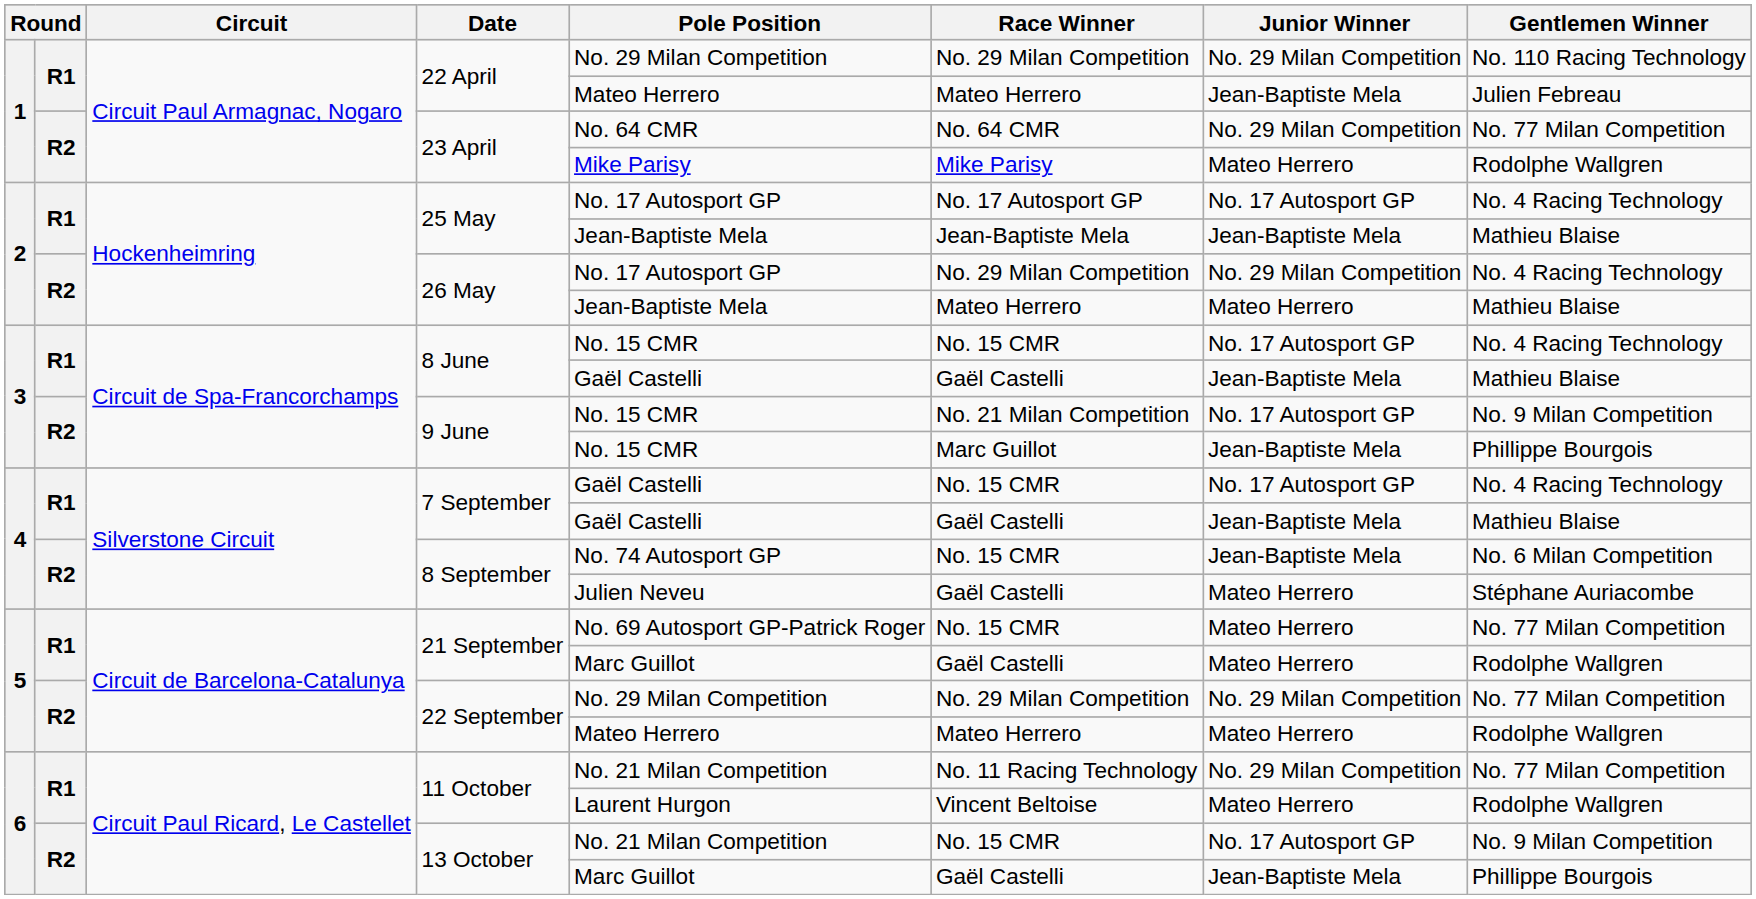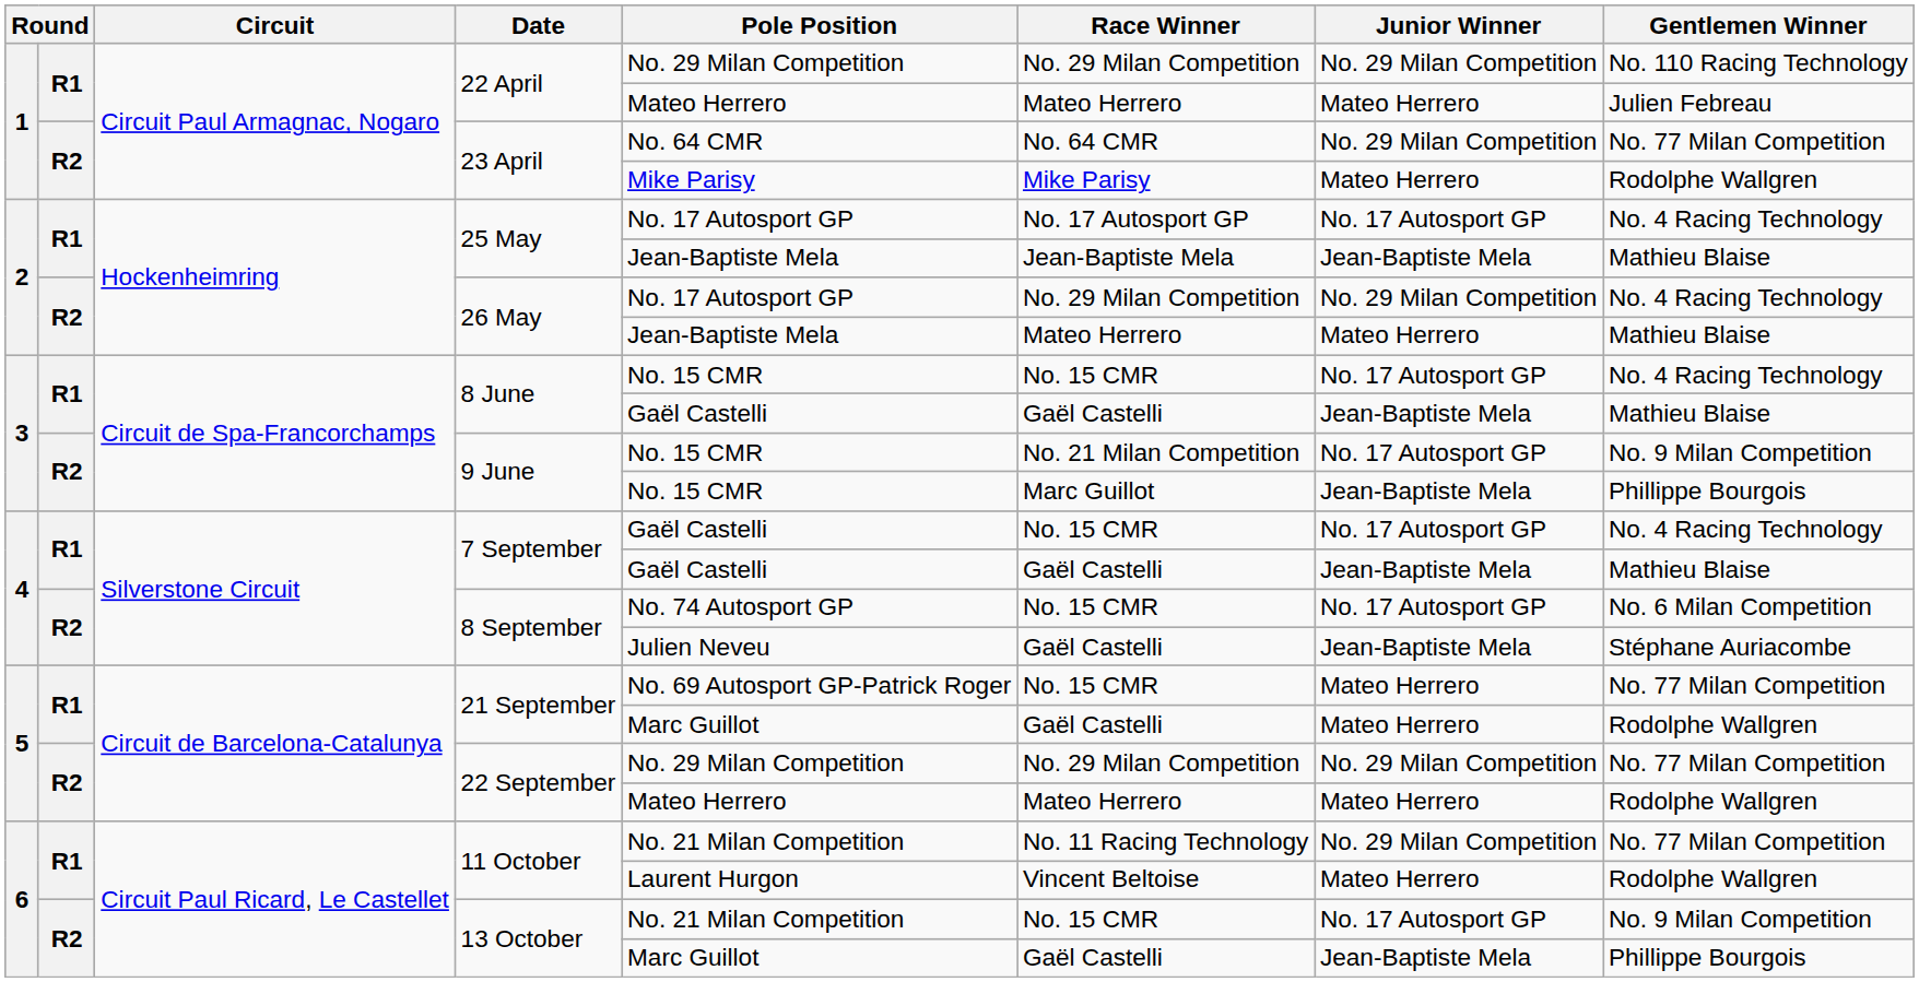 <table class="wikitable" style="font-size: 85%;">
 <tr>
 <th colspan="2">Round</th>
 <th>Circuit</th>
 <th>Date</th>
 <th>Pole Position</th>
 <th>Race Winner</th>
 <th>Junior Winner</th>
 <th>Gentlemen Winner</th>
 </tr>
 <tr>
 <th rowspan="4">1</th>
 <th rowspan="2">R1</th>
 <td rowspan="4"> <a href='#'>Circuit Paul Armagnac, Nogaro</a></td>
 <td rowspan="2">22 April</td>
 <td> No. 29 Milan Competition</td>
 <td> No. 29 Milan Competition</td>
 <td> No. 29 Milan Competition</td>
 <td> No. 110 Racing Technology</td>
 </tr>
 <tr>
 <td> Mateo Herrero</td>
 <td> Mateo Herrero</td>
-<td> Jean-Baptiste Mela</td>
+<td> Mateo Herrero</td>
 <td> Julien Febreau</td>
 </tr>
 <tr>
 <th rowspan="2">R2</th>
 <td rowspan="2">23 April</td>
 <td> No. 64 CMR</td>
 <td> No. 64 CMR</td>
 <td> No. 29 Milan Competition</td>
 <td> No. 77 Milan Competition</td>
 </tr>
 <tr>
 <td> <a href='#'>Mike Parisy</a></td>
 <td> <a href='#'>Mike Parisy</a></td>
 <td> Mateo Herrero</td>
 <td> Rodolphe Wallgren</td>
 </tr>
 <tr>
 <th rowspan="4">2</th>
 <th rowspan="2">R1</th>
 <td rowspan="4"> <a href='#'>Hockenheimring</a></td>
 <td rowspan="2">25 May</td>
 <td> No. 17 Autosport GP</td>
 <td> No. 17 Autosport GP</td>
 <td> No. 17 Autosport GP</td>
 <td> No. 4 Racing Technology</td>
 </tr>
 <tr>
 <td> Jean-Baptiste Mela</td>
 <td> Jean-Baptiste Mela</td>
 <td> Jean-Baptiste Mela</td>
 <td> Mathieu Blaise</td>
 </tr>
 <tr>
 <th rowspan="2">R2</th>
 <td rowspan="2">26 May</td>
 <td> No. 17 Autosport GP</td>
 <td> No. 29 Milan Competition</td>
 <td> No. 29 Milan Competition</td>
 <td> No. 4 Racing Technology</td>
 </tr>
 <tr>
 <td> Jean-Baptiste Mela</td>
 <td> Mateo Herrero</td>
 <td> Mateo Herrero</td>
 <td> Mathieu Blaise</td>
 </tr>
 <tr>
 <th rowspan="4">3</th>
 <th rowspan="2">R1</th>
 <td rowspan="4"> <a href='#'>Circuit de Spa-Francorchamps</a></td>
 <td rowspan="2">8 June</td>
 <td> No. 15 CMR</td>
 <td> No. 15 CMR</td>
 <td> No. 17 Autosport GP</td>
 <td> No. 4 Racing Technology</td>
 </tr>
 <tr>
 <td> Gaël Castelli</td>
 <td> Gaël Castelli</td>
 <td> Jean-Baptiste Mela</td>
 <td> Mathieu Blaise</td>
 </tr>
 <tr>
 <th rowspan="2">R2</th>
 <td rowspan="2">9 June</td>
 <td> No. 15 CMR</td>
 <td> No. 21 Milan Competition</td>
 <td> No. 17 Autosport GP</td>
 <td> No. 9 Milan Competition</td>
 </tr>
 <tr>
 <td> No. 15 CMR</td>
 <td> Marc Guillot</td>
 <td> Jean-Baptiste Mela</td>
 <td> Phillippe Bourgois</td>
 </tr>
 <tr>
 <th rowspan="4">4</th>
 <th rowspan="2">R1</th>
 <td rowspan="4"> <a href='#'>Silverstone Circuit</a></td>
 <td rowspan="2">7 September</td>
 <td> Gaël Castelli</td>
 <td> No. 15 CMR</td>
 <td> No. 17 Autosport GP</td>
 <td> No. 4 Racing Technology</td>
 </tr>
 <tr>
 <td> Gaël Castelli</td>
 <td> Gaël Castelli</td>
 <td> Jean-Baptiste Mela</td>
 <td> Mathieu Blaise</td>
 </tr>
 <tr>
 <th rowspan="2">R2</th>
 <td rowspan="2">8 September</td>
 <td> No. 74 Autosport GP</td>
 <td> No. 15 CMR</td>
-<td> Jean-Baptiste Mela</td>
+<td> No. 17 Autosport GP</td>
 <td> No. 6 Milan Competition</td>
 </tr>
 <tr>
 <td> Julien Neveu</td>
 <td> Gaël Castelli</td>
-<td> Mateo Herrero</td>
+<td> Jean-Baptiste Mela</td>
 <td> Stéphane Auriacombe</td>
 </tr>
 <tr>
 <th rowspan="4">5</th>
 <th rowspan="2">R1</th>
 <td rowspan="4"> <a href='#'>Circuit de Barcelona-Catalunya</a></td>
 <td rowspan="2">21 September</td>
 <td> No. 69 Autosport GP-Patrick Roger</td>
 <td> No. 15 CMR</td>
 <td> Mateo Herrero</td>
 <td> No. 77 Milan Competition</td>
 </tr>
 <tr>
 <td> Marc Guillot</td>
 <td> Gaël Castelli</td>
 <td> Mateo Herrero</td>
 <td> Rodolphe Wallgren</td>
 </tr>
 <tr>
 <th rowspan="2">R2</th>
 <td rowspan="2">22 September</td>
 <td> No. 29 Milan Competition</td>
 <td> No. 29 Milan Competition</td>
 <td> No. 29 Milan Competition</td>
 <td> No. 77 Milan Competition</td>
 </tr>
 <tr>
 <td> Mateo Herrero</td>
 <td> Mateo Herrero</td>
 <td> Mateo Herrero</td>
 <td> Rodolphe Wallgren</td>
 </tr>
 <tr>
 <th rowspan="4">6</th>
 <th rowspan="2">R1</th>
 <td rowspan="4"> <a href='#'>Circuit Paul Ricard</a>, <a href='#'>Le Castellet</a></td>
 <td rowspan="2">11 October</td>
 <td> No. 21 Milan Competition</td>
 <td> No. 11 Racing Technology</td>
 <td> No. 29 Milan Competition</td>
 <td> No. 77 Milan Competition</td>
 </tr>
 <tr>
 <td> Laurent Hurgon</td>
 <td> Vincent Beltoise</td>
 <td> Mateo Herrero</td>
 <td> Rodolphe Wallgren</td>
 </tr>
 <tr>
 <th rowspan="2">R2</th>
 <td rowspan="2">13 October</td>
 <td> No. 21 Milan Competition</td>
 <td> No. 15 CMR</td>
 <td> No. 17 Autosport GP</td>
 <td> No. 9 Milan Competition</td>
 </tr>
 <tr>
 <td> Marc Guillot</td>
 <td> Gaël Castelli</td>
 <td> Jean-Baptiste Mela</td>
 <td> Phillippe Bourgois</td>
 </tr>
 </table>
